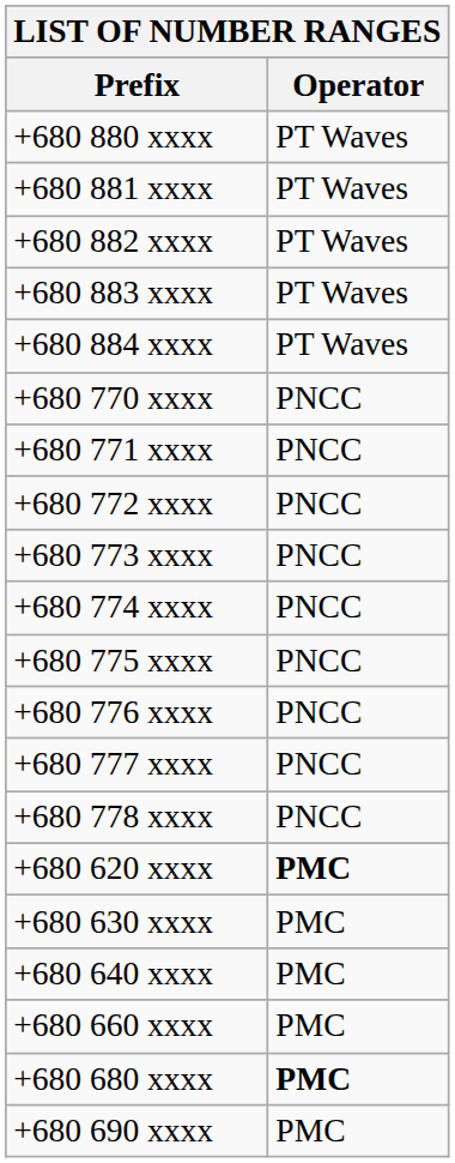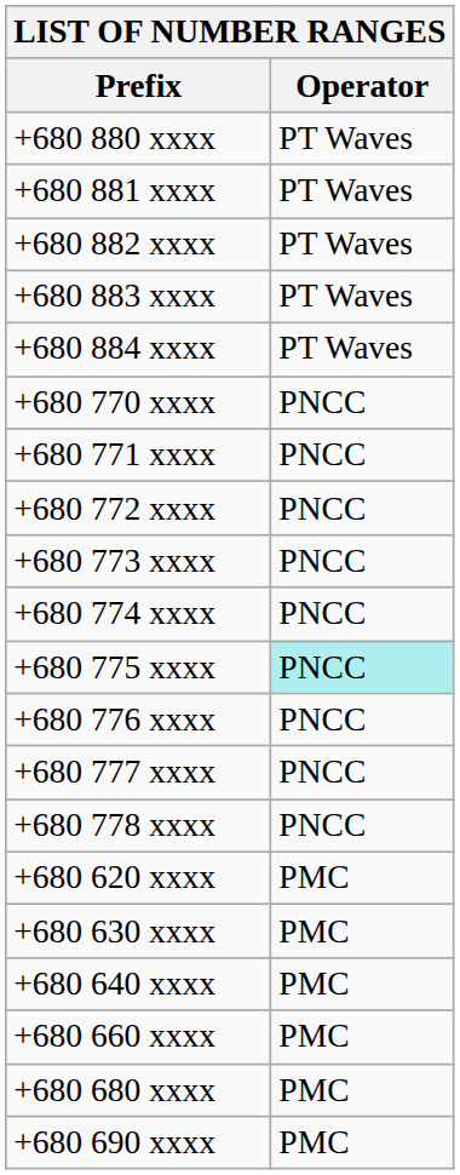 <table class="wikitable" border=1>
 <tr>
 <th colspan="3">LIST OF NUMBER RANGES</th>
 </tr>
 <tr>
 <th>Prefix</th>
 <th>Operator</th>
 </tr>
 <tr>
 <td>+680 880 xxxx</td>
 <td>PT Waves</td>
 </tr>
 <tr>
 <td>+680 881 xxxx</td>
 <td>PT Waves</td>
 </tr>
 <tr>
 <td>+680 882 xxxx</td>
 <td>PT Waves</td>
 </tr>
 <tr>
 <td>+680 883 xxxx</td>
 <td>PT Waves</td>
 </tr>
 <tr>
 <td>+680 884 xxxx</td>
 <td>PT Waves</td>
 </tr>
 <tr>
 <td>+680 770 xxxx</td>
 <td>PNCC</td>
 </tr>
 <tr>
 <td>+680 771 xxxx</td>
 <td>PNCC</td>
 </tr>
 <tr>
 <td>+680 772 xxxx</td>
 <td>PNCC</td>
 </tr>
 <tr>
 <td>+680 773 xxxx</td>
 <td>PNCC</td>
 </tr>
 <tr>
 <td>+680 774 xxxx</td>
 <td>PNCC</td>
 </tr>
 <tr>
 <td>+680 775 xxxx</td>
-<td>PNCC</td>
+<td style="background: paleturquoise;">PNCC</td>
 </tr>
 <tr>
 <td>+680 776 xxxx</td>
 <td>PNCC</td>
 </tr>
 <tr>
 <td>+680 777 xxxx</td>
 <td>PNCC</td>
 </tr>
 <tr>
 <td>+680 778 xxxx</td>
 <td>PNCC</td>
 </tr>
 <tr>
 <td>+680 620 xxxx</td>
-<td><strong>PMC</strong></td>
+<td>PMC</td>
 </tr>
 <tr>
 <td>+680 630 xxxx</td>
 <td>PMC</td>
 </tr>
 <tr>
 <td>+680 640 xxxx</td>
 <td>PMC</td>
 </tr>
 <tr>
 <td>+680 660 xxxx</td>
 <td>PMC</td>
 </tr>
 <tr>
 <td>+680 680 xxxx</td>
-<td><strong>PMC</strong></td>
+<td>PMC</td>
 </tr>
 <tr>
 <td>+680 690 xxxx</td>
 <td>PMC</td>
 </tr>
 </table>
